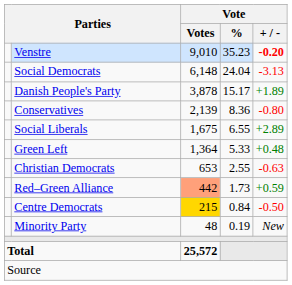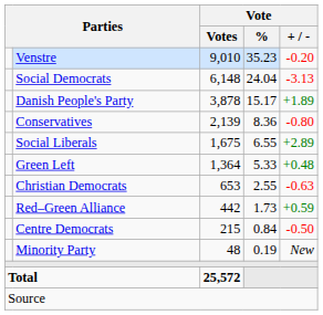 <table class="wikitable" style="text-align:right;">
 <tr>
 <th style="text-align:centre;" rowspan="2" colspan="2" width="225">Parties</th>
 <th colspan="3">Vote</th>
 </tr>
 <tr>
 <th width="15">Votes</th>
 <th width="15">%</th>
 <th width="15">+ / -</th>
 </tr>
 <tr>
 <td width="2" style="color:inherit;background:"></td>
 <td bgcolor=#cfe5fe  align="left"><a href='#'>Venstre</a></td>
 <td bgcolor=#cfe5fe>9,010</td>
 <td bgcolor=#cfe5fe>35.23</td>
-<td style=color:red;><strong>-0.20</strong></td>
+<td style=color:red;>-0.20</td>
 </tr>
 <tr>
 <td width="2" style="color:inherit;background:"></td>
 <td align="left"><a href='#'>Social Democrats</a></td>
 <td>6,148</td>
 <td>24.04</td>
 <td style=color:red;>-3.13</td>
 </tr>
 <tr>
 <td width="2" style="color:inherit;background:"></td>
 <td align="left"><a href='#'>Danish People's Party</a></td>
 <td>3,878</td>
 <td>15.17</td>
 <td style=color:green;>+1.89</td>
 </tr>
 <tr>
 <td width="2" style="color:inherit;background:"></td>
 <td align="left"><a href='#'>Conservatives</a></td>
 <td>2,139</td>
 <td>8.36</td>
 <td style=color:red;>-0.80</td>
 </tr>
 <tr>
 <td width="2" style="color:inherit;background:"></td>
 <td align="left"><a href='#'>Social Liberals</a></td>
 <td>1,675</td>
 <td>6.55</td>
 <td style=color:green;>+2.89</td>
 </tr>
 <tr>
 <td width="2" style="color:inherit;background:"></td>
 <td align="left"><a href='#'>Green Left</a></td>
 <td>1,364</td>
 <td>5.33</td>
 <td style=color:green;>+0.48</td>
 </tr>
 <tr>
 <td width="2" style="color:inherit;background:"></td>
 <td align="left"><a href='#'>Christian Democrats</a></td>
 <td>653</td>
 <td>2.55</td>
 <td style=color:red;>-0.63</td>
 </tr>
 <tr>
 <td width="2" style="color:inherit;background:"></td>
 <td align="left"><a href='#'>Red–Green Alliance</a></td>
-<td style="background: lightsalmon;">442</td>
+<td>442</td>
 <td>1.73</td>
 <td style=color:green;>+0.59</td>
 </tr>
 <tr>
 <td width="2" style="color:inherit;background:"></td>
 <td align="left"><a href='#'>Centre Democrats</a></td>
-<td style="background: gold;">215</td>
+<td>215</td>
 <td>0.84</td>
 <td style=color:red;>-0.50</td>
 </tr>
 <tr>
 <td width="2" style="color:inherit;background:"></td>
 <td align="left"><a href='#'>Minority Party</a></td>
 <td>48</td>
 <td>0.19</td>
 <td><em>New</em></td>
 </tr>
 <tr>
 <td colspan="7" bgcolor="#E9E9E9"></td>
 </tr>
 <tr>
 <td align="left" colspan="2"><strong>Total</strong></td>
 <td><strong>25,572</strong></td>
 <td bgcolor="#E9E9E9" colspan="2"></td>
 </tr>
 <tr>
 <td align="left" colspan="6">Source</td>
 </tr>
 </table>
